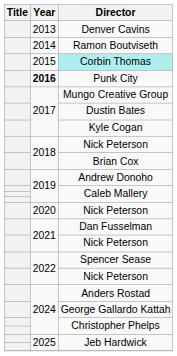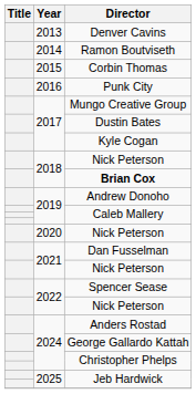 <table class="wikitable" style="text-align: center">
 <tr>
 <th>Title</th>
 <th>Year</th>
 <th>Director</th>
 </tr>
 <tr>
 <th></th>
 <td>2013</td>
 <td>Denver Cavins</td>
 </tr>
 <tr>
 <th></th>
 <td>2014</td>
 <td>Ramon Boutviseth</td>
 </tr>
 <tr>
 <th></th>
 <td>2015</td>
-<td style="background: paleturquoise;">Corbin Thomas</td>
+<td>Corbin Thomas</td>
 </tr>
 <tr>
 <th></th>
-<td><strong>2016</strong></td>
+<td>2016</td>
 <td>Punk City</td>
 </tr>
 <tr>
 <th></th>
 <td rowspan="3">2017</td>
 <td>Mungo Creative Group</td>
 </tr>
 <tr>
 <th></th>
 <td>Dustin Bates</td>
 </tr>
 <tr>
 <th></th>
 <td>Kyle Cogan</td>
 </tr>
 <tr>
 <th></th>
 <td rowspan="2">2018</td>
 <td>Nick Peterson</td>
 </tr>
 <tr>
 <th></th>
-<td>Brian Cox</td>
+<td><strong>Brian Cox</strong></td>
 </tr>
 <tr>
 <th></th>
 <td rowspan="4">2019</td>
 <td>Andrew Donoho</td>
 </tr>
 <tr>
 <th></th>
 <td rowspan="3">Caleb Mallery</td>
 </tr>
 <tr>
 <th></th>
 </tr>
 <tr>
 <th></th>
 </tr>
 <tr>
 <th></th>
 <td>2020</td>
 <td>Nick Peterson</td>
 </tr>
 <tr>
 <th></th>
 <td rowspan="2">2021</td>
 <td>Dan Fusselman</td>
 </tr>
 <tr>
 <th></th>
 <td>Nick Peterson</td>
 </tr>
 <tr>
 <th></th>
 <td rowspan="2">2022</td>
 <td>Spencer Sease</td>
 </tr>
 <tr>
 <th></th>
 <td>Nick Peterson</td>
 </tr>
 <tr>
 <th></th>
 <td rowspan="4">2024</td>
 <td>Anders Rostad</td>
 </tr>
 <tr>
 <th></th>
 <td>George Gallardo Kattah</td>
 </tr>
 <tr>
 <th></th>
 <td rowspan="2">Christopher Phelps</td>
 </tr>
 <tr>
 <th></th>
 </tr>
 <tr>
 <th></th>
 <td rowspan="2">2025</td>
 <td rowspan="2">Jeb Hardwick</td>
 </tr>
 <tr>
 <th></th>
 </tr>
 <tr>
 </tr>
 </table>
